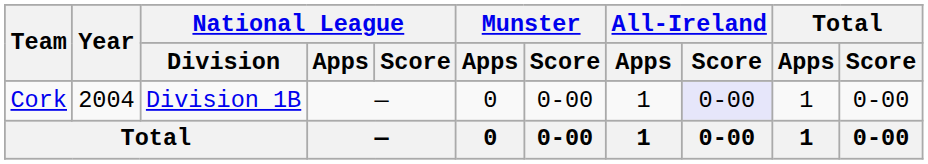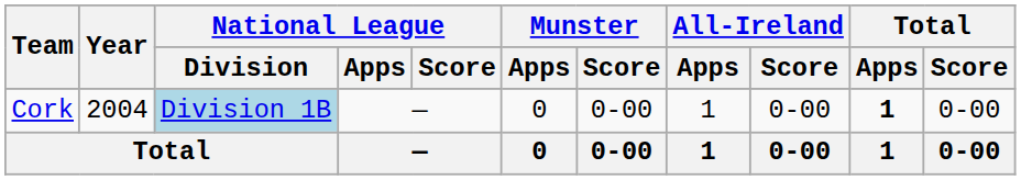 <table class="wikitable" style="text-align:center">
 <tr>
 <th rowspan="2">Team</th>
 <th rowspan="2">Year</th>
 <th colspan="3"><a href='#'>National League</a></th>
 <th colspan="2"><a href='#'>Munster</a></th>
 <th colspan="2"><a href='#'>All-Ireland</a></th>
 <th colspan="2">Total</th>
 </tr>
 <tr>
 <th>Division</th>
 <th>Apps</th>
 <th>Score</th>
 <th>Apps</th>
 <th>Score</th>
 <th>Apps</th>
 <th>Score</th>
 <th>Apps</th>
 <th>Score</th>
 </tr>
 <tr>
 <td rowspan="1"><a href='#'>Cork</a></td>
 <td>2004</td>
-<td rowspan="1"><a href='#'>Division 1B</a></td>
+<td rowspan="1" style="background: lightblue;"><a href='#'>Division 1B</a></td>
 <td colspan=2>—</td>
 <td>0</td>
 <td>0-00</td>
 <td>1</td>
-<td style="background: lavender;">0-00</td>
-<td>1</td>
+<td>0-00</td>
+<td><strong>1</strong></td>
 <td>0-00</td>
 </tr>
 <tr>
 <th colspan="3">Total</th>
 <th colspan=2>—</th>
 <th>0</th>
 <th>0-00</th>
 <th>1</th>
 <th>0-00</th>
 <th>1</th>
 <th>0-00</th>
 </tr>
 </table>
